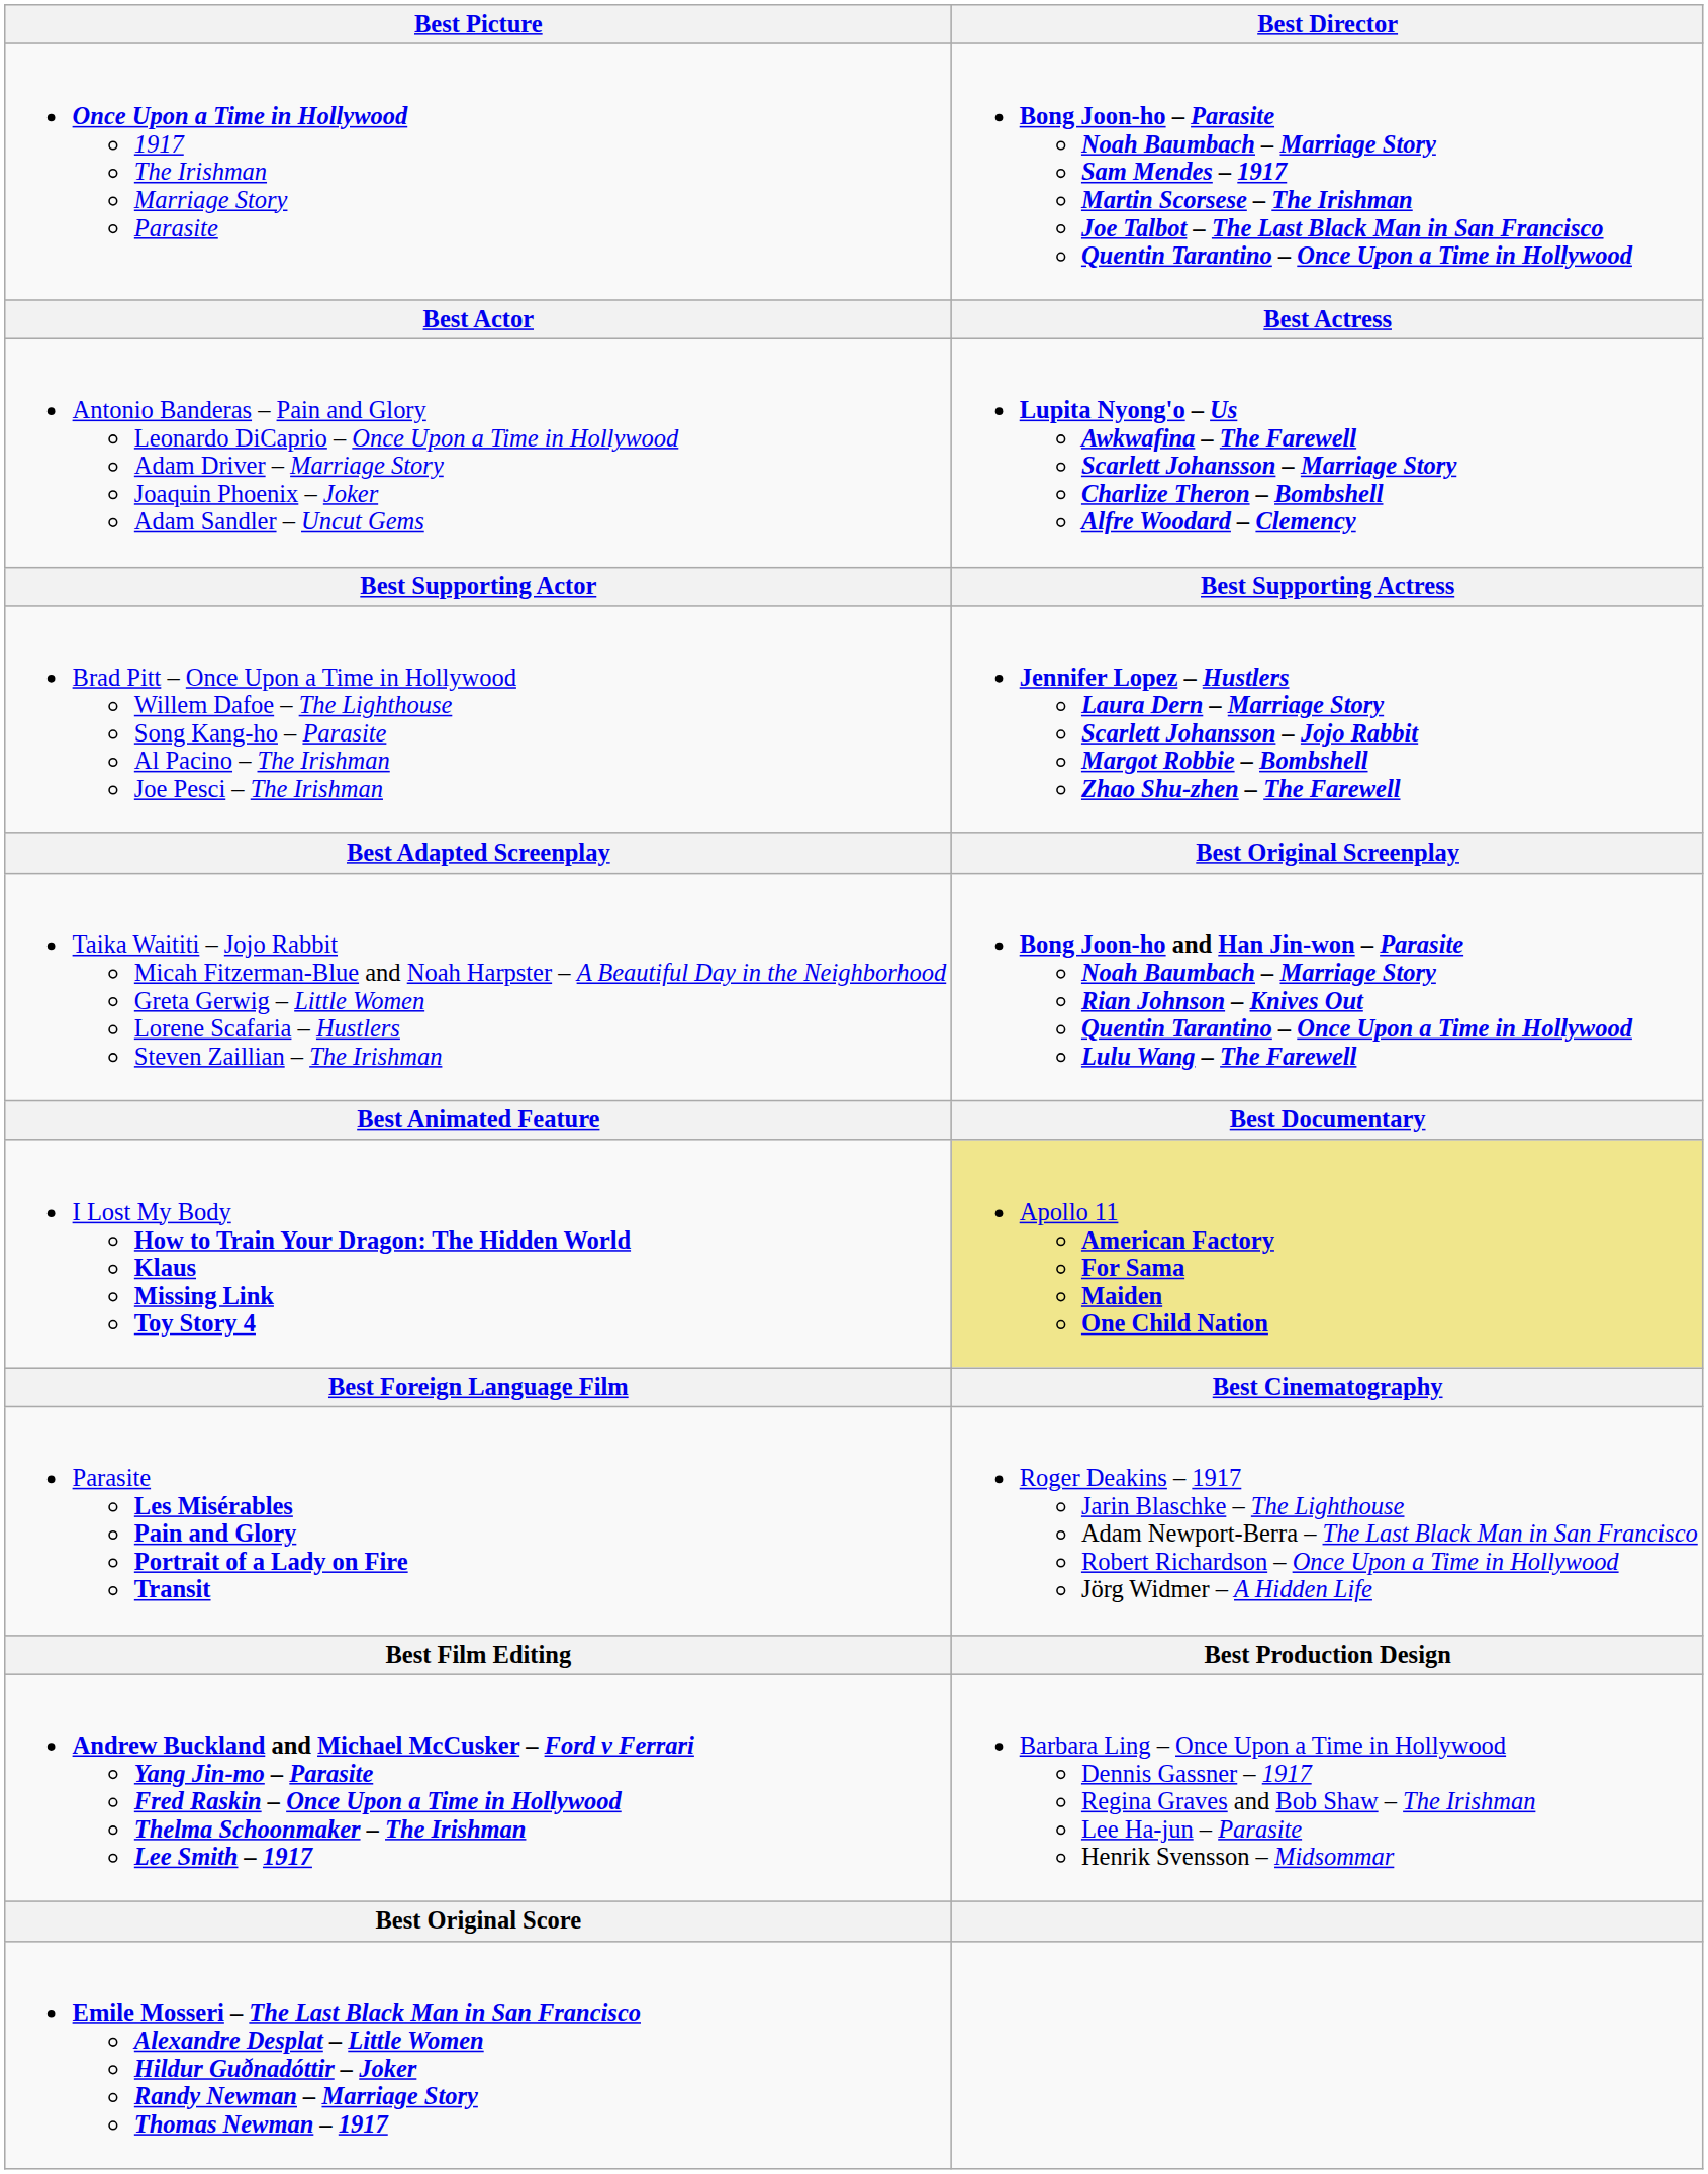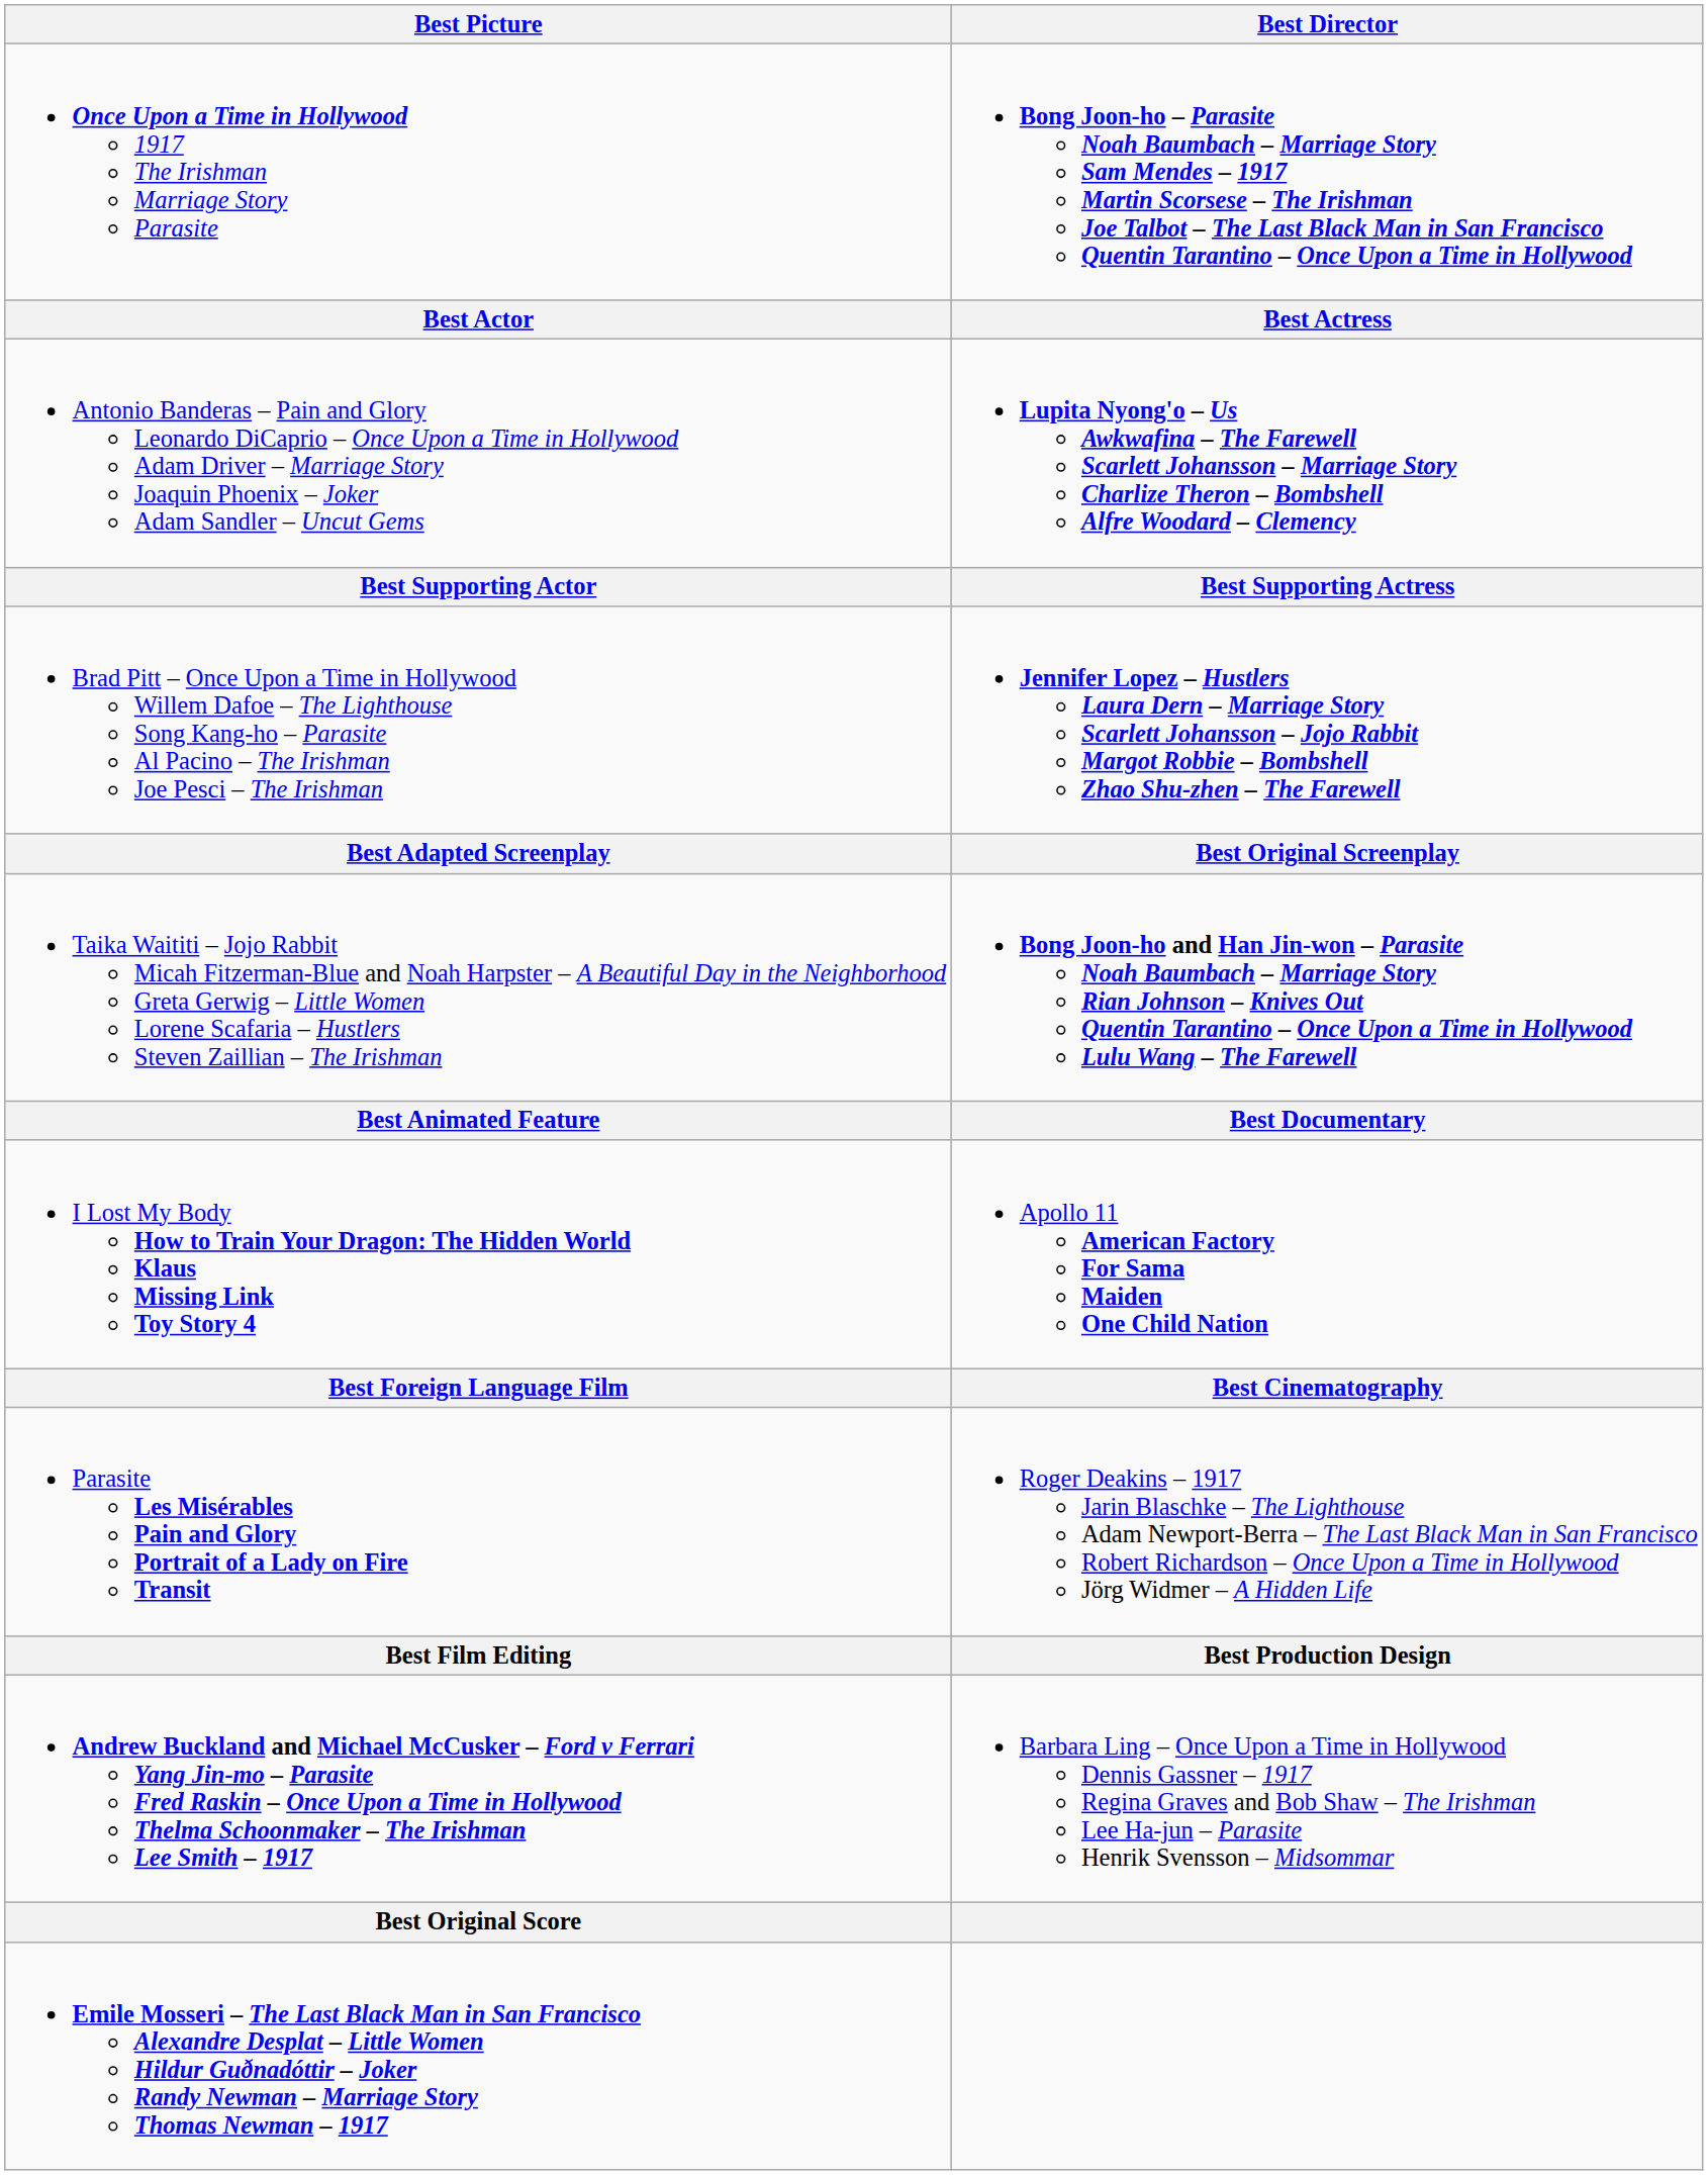 <table class=wikitable style="width=100%">
 <tr>
 <th style="width=50%"><a href='#'>Best Picture</a></th>
 <th style="width=50%"><a href='#'>Best Director</a></th>
 </tr>
 <tr>
 <td valign="top"><br><ul><li><strong><em><a href='#'>Once Upon a Time in Hollywood</a></em></strong><ul><li><em><a href='#'>1917</a></em></li><li><em><a href='#'>The Irishman</a></em></li><li><em><a href='#'>Marriage Story</a></em></li><li><em><a href='#'>Parasite</a></em></li></ul></li></ul></td>
 <td valign="top"><br><ul><li><strong><a href='#'>Bong Joon-ho</a> – <em><a href='#'>Parasite</a><strong><em><ul><li><a href='#'>Noah Baumbach</a> – </em><a href='#'>Marriage Story</a><em></li><li><a href='#'>Sam Mendes</a> – </em><a href='#'>1917</a><em></li><li><a href='#'>Martin Scorsese</a> – </em><a href='#'>The Irishman</a><em></li><li><a href='#'>Joe Talbot</a> – </em><a href='#'>The Last Black Man in San Francisco</a><em></li><li><a href='#'>Quentin Tarantino</a> – </em><a href='#'>Once Upon a Time in Hollywood</a><em></li></ul></li></ul></td>
 </tr>
 <tr>
 <th style="width=50%"><a href='#'>Best Actor</a></th>
 <th style="width=50%"><a href='#'>Best Actress</a></th>
 </tr>
 <tr>
 <td valign="top"><br><ul><li></strong><a href='#'>Antonio Banderas</a> – </em><a href='#'>Pain and Glory</a></em></strong><ul><li><a href='#'>Leonardo DiCaprio</a> – <em><a href='#'>Once Upon a Time in Hollywood</a></em></li><li><a href='#'>Adam Driver</a> – <em><a href='#'>Marriage Story</a></em></li><li><a href='#'>Joaquin Phoenix</a> – <em><a href='#'>Joker</a></em></li><li><a href='#'>Adam Sandler</a> – <em><a href='#'>Uncut Gems</a></em></li></ul></li></ul></td>
 <td valign="top"><br><ul><li><strong><a href='#'>Lupita Nyong'o</a> – <em><a href='#'>Us</a><strong><em><ul><li><a href='#'>Awkwafina</a> – </em><a href='#'>The Farewell</a><em></li><li><a href='#'>Scarlett Johansson</a> – </em><a href='#'>Marriage Story</a><em></li><li><a href='#'>Charlize Theron</a> – </em><a href='#'>Bombshell</a><em></li><li><a href='#'>Alfre Woodard</a> – </em><a href='#'>Clemency</a><em></li></ul></li></ul></td>
 </tr>
 <tr>
 <th style="width=50%"><a href='#'>Best Supporting Actor</a></th>
 <th style="width=50%"><a href='#'>Best Supporting Actress</a></th>
 </tr>
 <tr>
 <td valign="top"><br><ul><li></strong><a href='#'>Brad Pitt</a> – </em><a href='#'>Once Upon a Time in Hollywood</a></em></strong><ul><li><a href='#'>Willem Dafoe</a> – <em><a href='#'>The Lighthouse</a></em></li><li><a href='#'>Song Kang-ho</a> – <em><a href='#'>Parasite</a></em></li><li><a href='#'>Al Pacino</a> – <em><a href='#'>The Irishman</a></em></li><li><a href='#'>Joe Pesci</a> – <em><a href='#'>The Irishman</a></em></li></ul></li></ul></td>
 <td valign="top"><br><ul><li><strong><a href='#'>Jennifer Lopez</a> – <em><a href='#'>Hustlers</a><strong><em><ul><li><a href='#'>Laura Dern</a> – </em><a href='#'>Marriage Story</a><em></li><li><a href='#'>Scarlett Johansson</a> – </em><a href='#'>Jojo Rabbit</a><em></li><li><a href='#'>Margot Robbie</a> – </em><a href='#'>Bombshell</a><em></li><li><a href='#'>Zhao Shu-zhen</a> – </em><a href='#'>The Farewell</a><em></li></ul></li></ul></td>
 </tr>
 <tr>
 <th style="width=50%"><a href='#'>Best Adapted Screenplay</a></th>
 <th style="width=50%"><a href='#'>Best Original Screenplay</a></th>
 </tr>
 <tr>
 <td valign="top"><br><ul><li></strong><a href='#'>Taika Waititi</a> – </em><a href='#'>Jojo Rabbit</a></em></strong><ul><li><a href='#'>Micah Fitzerman-Blue</a> and <a href='#'>Noah Harpster</a> – <em><a href='#'>A Beautiful Day in the Neighborhood</a></em></li><li><a href='#'>Greta Gerwig</a> – <em><a href='#'>Little Women</a></em></li><li><a href='#'>Lorene Scafaria</a> – <em><a href='#'>Hustlers</a></em></li><li><a href='#'>Steven Zaillian</a> – <em><a href='#'>The Irishman</a></em></li></ul></li></ul></td>
 <td valign="top"><br><ul><li><strong><a href='#'>Bong Joon-ho</a> and <a href='#'>Han Jin-won</a> – <em><a href='#'>Parasite</a><strong><em><ul><li><a href='#'>Noah Baumbach</a> – </em><a href='#'>Marriage Story</a><em></li><li><a href='#'>Rian Johnson</a> – </em><a href='#'>Knives Out</a><em></li><li><a href='#'>Quentin Tarantino</a> – </em><a href='#'>Once Upon a Time in Hollywood</a><em></li><li><a href='#'>Lulu Wang</a> – </em><a href='#'>The Farewell</a><em></li></ul></li></ul></td>
 </tr>
 <tr>
 <th style="width=50%"><a href='#'>Best Animated Feature</a></th>
 <th style="width=50%"><a href='#'>Best Documentary</a></th>
 </tr>
 <tr>
 <td valign="top"><br><ul><li></em></strong><a href='#'>I Lost My Body</a><strong><em><ul><li></em><a href='#'>How to Train Your Dragon: The Hidden World</a><em></li><li></em><a href='#'>Klaus</a><em></li><li></em><a href='#'>Missing Link</a><em></li><li></em><a href='#'>Toy Story 4</a><em></li></ul></li></ul></td>
-<td valign="top" style="background: khaki;"><br><ul><li></em></strong><a href='#'>Apollo 11</a><strong><em><ul><li></em><a href='#'>American Factory</a><em></li><li></em><a href='#'>For Sama</a><em></li><li></em><a href='#'>Maiden</a><em></li><li></em><a href='#'>One Child Nation</a><em></li></ul></li></ul></td>
+<td valign="top"><br><ul><li></em></strong><a href='#'>Apollo 11</a><strong><em><ul><li></em><a href='#'>American Factory</a><em></li><li></em><a href='#'>For Sama</a><em></li><li></em><a href='#'>Maiden</a><em></li><li></em><a href='#'>One Child Nation</a><em></li></ul></li></ul></td>
 </tr>
 <tr>
 <th style="width=50%"><a href='#'>Best Foreign Language Film</a></th>
 <th style="width=50%"><a href='#'>Best Cinematography</a></th>
 </tr>
 <tr>
 <td valign="top"><br><ul><li></em></strong><a href='#'>Parasite</a><strong><em><ul><li></em><a href='#'>Les Misérables</a><em></li><li></em><a href='#'>Pain and Glory</a><em></li><li></em><a href='#'>Portrait of a Lady on Fire</a><em></li><li></em><a href='#'>Transit</a><em></li></ul></li></ul></td>
 <td valign="top"><br><ul><li></strong><a href='#'>Roger Deakins</a> – </em><a href='#'>1917</a></em></strong><ul><li><a href='#'>Jarin Blaschke</a> – <em><a href='#'>The Lighthouse</a></em></li><li>Adam Newport-Berra – <em><a href='#'>The Last Black Man in San Francisco</a></em></li><li><a href='#'>Robert Richardson</a> – <em><a href='#'>Once Upon a Time in Hollywood</a></em></li><li>Jörg Widmer – <em><a href='#'>A Hidden Life</a></em></li></ul></li></ul></td>
 </tr>
 <tr>
 <th style="width=50%">Best Film Editing</th>
 <th style="width=50%">Best Production Design</th>
 </tr>
 <tr>
 <td valign="top"><br><ul><li><strong><a href='#'>Andrew Buckland</a> and <a href='#'>Michael McCusker</a> – <em><a href='#'>Ford v Ferrari</a><strong><em><ul><li><a href='#'>Yang Jin-mo</a> – </em><a href='#'>Parasite</a><em></li><li><a href='#'>Fred Raskin</a> – </em><a href='#'>Once Upon a Time in Hollywood</a><em></li><li><a href='#'>Thelma Schoonmaker</a> – </em><a href='#'>The Irishman</a><em></li><li><a href='#'>Lee Smith</a> – </em><a href='#'>1917</a><em></li></ul></li></ul></td>
 <td valign="top"><br><ul><li></strong><a href='#'>Barbara Ling</a> – </em><a href='#'>Once Upon a Time in Hollywood</a></em></strong><ul><li><a href='#'>Dennis Gassner</a> – <em><a href='#'>1917</a></em></li><li><a href='#'>Regina Graves</a> and <a href='#'>Bob Shaw</a> – <em><a href='#'>The Irishman</a></em></li><li><a href='#'>Lee Ha-jun</a> – <em><a href='#'>Parasite</a></em></li><li>Henrik Svensson – <em><a href='#'>Midsommar</a></em></li></ul></li></ul></td>
 </tr>
 <tr>
 <th style="width=50%">Best Original Score</th>
 <th style="width=50%"></th>
 </tr>
 <tr>
 <td valign="top"><br><ul><li><strong><a href='#'>Emile Mosseri</a> – <em><a href='#'>The Last Black Man in San Francisco</a><strong><em><ul><li><a href='#'>Alexandre Desplat</a> – </em><a href='#'>Little Women</a><em></li><li><a href='#'>Hildur Guðnadóttir</a> – </em><a href='#'>Joker</a><em></li><li><a href='#'>Randy Newman</a> – </em><a href='#'>Marriage Story</a><em></li><li><a href='#'>Thomas Newman</a> – </em><a href='#'>1917</a><em></li></ul></li></ul></td>
 <td valign="top"></td>
 </tr>
 </table>
